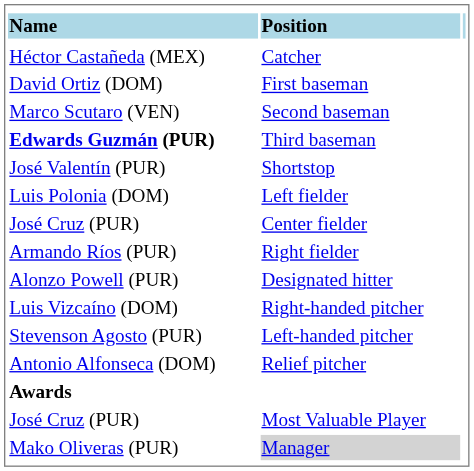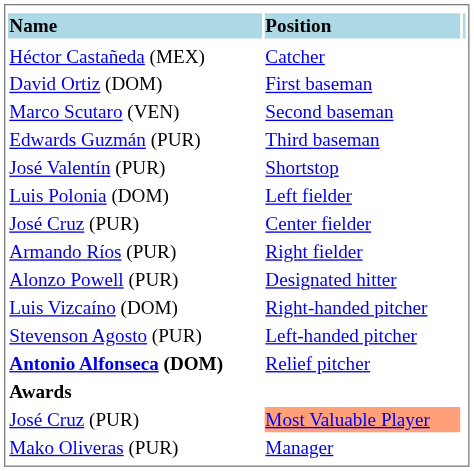 <table cellpadding="1" width="350px" style="font-size: 90%; border: 1px solid gray;">
 <tr align="center" style="font-size: larger;">
 <td colspan=6></td>
 </tr>
 <tr style="background:lightblue;">
 <td><strong>Name</strong></td>
 <td><strong>Position</strong></td>
 <td></td>
 </tr>
 <tr align="center" style="vertical-align: middle;" style="background:lightblue;">
 </tr>
 <tr>
 <td><a href='#'>Héctor Castañeda</a> (MEX)</td>
 <td><a href='#'>Catcher</a></td>
 </tr>
 <tr>
 <td><a href='#'>David Ortiz</a> (DOM)</td>
 <td><a href='#'>First baseman</a></td>
 </tr>
 <tr>
 <td><a href='#'>Marco Scutaro</a> (VEN)</td>
 <td><a href='#'>Second baseman</a></td>
 </tr>
 <tr>
-<td><strong><a href='#'>Edwards Guzmán</a> (PUR)</strong></td>
+<td><a href='#'>Edwards Guzmán</a> (PUR)</td>
 <td><a href='#'>Third baseman</a></td>
 </tr>
 <tr>
 <td><a href='#'>José Valentín</a> (PUR)</td>
 <td><a href='#'>Shortstop</a></td>
 </tr>
 <tr>
 <td><a href='#'>Luis Polonia</a> (DOM)</td>
 <td><a href='#'>Left fielder</a></td>
 </tr>
 <tr>
 <td><a href='#'>José Cruz</a> (PUR)</td>
 <td><a href='#'>Center fielder</a></td>
 </tr>
 <tr>
 <td><a href='#'>Armando Ríos</a> (PUR)</td>
 <td><a href='#'>Right fielder</a></td>
 </tr>
 <tr>
 <td><a href='#'>Alonzo Powell</a> (PUR)</td>
 <td><a href='#'>Designated hitter</a></td>
 </tr>
 <tr>
 <td><a href='#'>Luis Vizcaíno</a> (DOM)</td>
 <td><a href='#'>Right-handed pitcher</a></td>
 </tr>
 <tr>
 <td><a href='#'>Stevenson Agosto</a> (PUR)</td>
 <td><a href='#'>Left-handed pitcher</a></td>
 </tr>
 <tr>
-<td><a href='#'>Antonio Alfonseca</a> (DOM)</td>
+<td><strong><a href='#'>Antonio Alfonseca</a> (DOM)</strong></td>
 <td><a href='#'>Relief pitcher</a></td>
 </tr>
 <tr>
 <td><strong>Awards</strong></td>
 </tr>
 <tr>
 <td><a href='#'>José Cruz</a> (PUR)</td>
-<td><a href='#'>Most Valuable Player</a></td>
+<td style="background: lightsalmon;"><a href='#'>Most Valuable Player</a></td>
 </tr>
 <tr>
 <td><a href='#'>Mako Oliveras</a> (PUR)</td>
-<td style="background: lightgrey;"><a href='#'>Manager</a></td>
+<td><a href='#'>Manager</a></td>
 </tr>
 <tr>
 </tr>
 </table>
